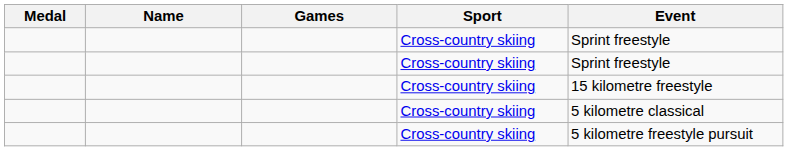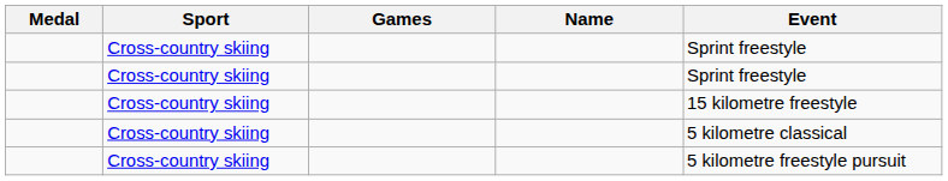 <table class="wikitable sortable">
 <tr>
 <th style="width:5em">Medal</th>
+<th style="width:11em">Sport</th>
+<th style="width:10em">Games</th>
 <th style="width:10em">Name</th>
-<th style="width:10em">Games</th>
-<th style="width:11em">Sport</th>
 <th style="width:14em">Event</th>
 </tr>
 <tr>
 <td></td>
+<td> <a href='#'>Cross-country skiing</a></td>
 <td></td>
 <td></td>
-<td> <a href='#'>Cross-country skiing</a></td>
 <td>Sprint freestyle</td>
 </tr>
 <tr>
 <td></td>
+<td> <a href='#'>Cross-country skiing</a></td>
 <td></td>
 <td></td>
-<td> <a href='#'>Cross-country skiing</a></td>
 <td>Sprint freestyle</td>
 </tr>
 <tr>
 <td></td>
+<td> <a href='#'>Cross-country skiing</a></td>
 <td></td>
 <td></td>
-<td> <a href='#'>Cross-country skiing</a></td>
 <td>15 kilometre freestyle</td>
 </tr>
 <tr>
 <td></td>
+<td> <a href='#'>Cross-country skiing</a></td>
 <td></td>
 <td></td>
-<td> <a href='#'>Cross-country skiing</a></td>
 <td>5 kilometre classical</td>
 </tr>
 <tr>
 <td></td>
+<td> <a href='#'>Cross-country skiing</a></td>
 <td></td>
 <td></td>
-<td> <a href='#'>Cross-country skiing</a></td>
 <td>5 kilometre freestyle pursuit</td>
 </tr>
 </table>
